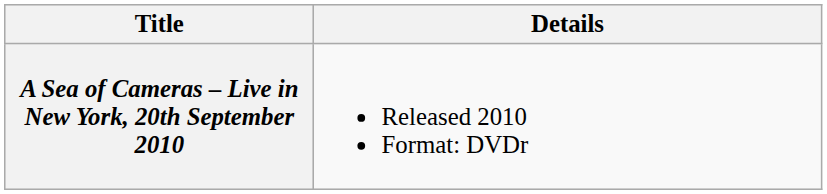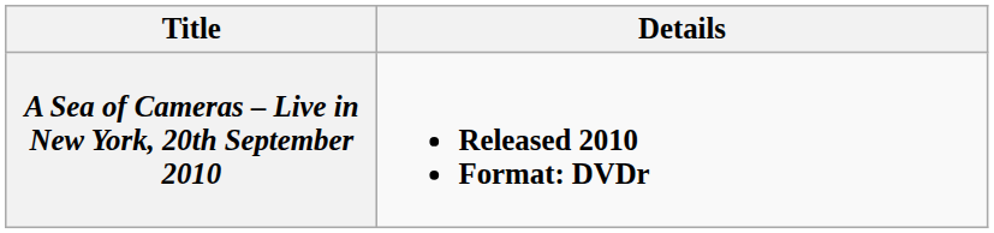 <table class="wikitable plainrowheaders">
 <tr>
 <th scope="col" style="width:12em;">Title</th>
 <th scope="col" style="width:20em;">Details</th>
 </tr>
 <tr>
 <th scope="row"><em>A Sea of Cameras – Live in New York, 20th September 2010</em></th>
-<td><br><ul><li>Released 2010</li><li>Format: DVDr</li></ul></td>
+<td><strong><br><ul><li>Released 2010</li><li>Format: DVDr</li></ul></strong></td>
 </tr>
 </table>
